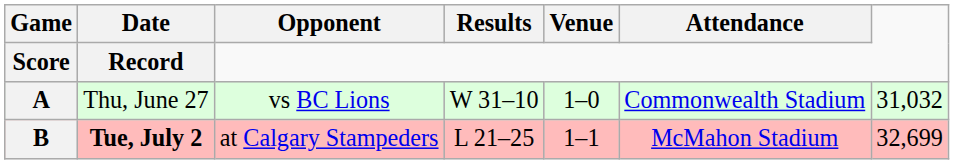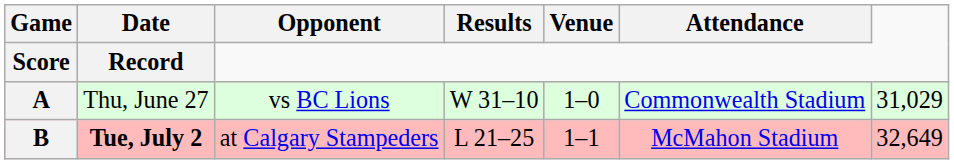 <table class="wikitable" style="text-align:center">
 <tr>
 <th>Game</th>
 <th>Date</th>
 <th>Opponent</th>
 <th>Results</th>
 <th>Venue</th>
 <th>Attendance</th>
 </tr>
 <tr>
 <th>Score</th>
 <th>Record</th>
 </tr>
 <tr style="background:#ddffdd">
 <th>A</th>
 <td>Thu, June 27</td>
 <td>vs <a href='#'>BC Lions</a></td>
 <td>W 31–10</td>
 <td>1–0</td>
 <td><a href='#'>Commonwealth Stadium</a></td>
-<td>31,032</td>
+<td>31,029</td>
 </tr>
 <tr style="background:#ffbbbb">
 <th>B</th>
 <td><strong>Tue, July 2</strong></td>
 <td>at <a href='#'>Calgary Stampeders</a></td>
 <td>L 21–25</td>
 <td>1–1</td>
 <td><a href='#'>McMahon Stadium</a></td>
-<td>32,699</td>
+<td>32,649</td>
 </tr>
 </table>
